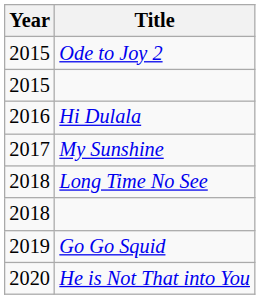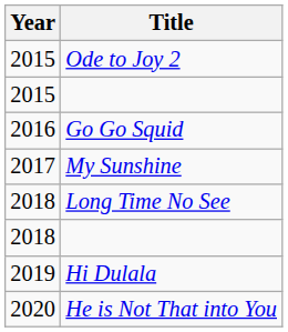 <table class="wikitable sortable">
 <tr>
 <th scope="col">Year</th>
 <th scope="col">Title</th>
 </tr>
 <tr>
 <td>2015</td>
 <td><em><a href='#'>Ode to Joy 2</a></em></td>
 </tr>
 <tr>
 <td>2015</td>
 <td><em></em></td>
 </tr>
 <tr>
 <td>2016</td>
-<td><em><a href='#'>Hi Dulala</a></em></td>
+<td><em><a href='#'>Go Go Squid</a></em></td>
 </tr>
 <tr>
 <td>2017</td>
 <td><em><a href='#'>My Sunshine</a></em></td>
 </tr>
 <tr>
 <td>2018</td>
 <td><em><a href='#'>Long Time No See</a></em></td>
 </tr>
 <tr>
 <td>2018</td>
 <td><em></em></td>
 </tr>
 <tr>
 <td>2019</td>
-<td><em><a href='#'>Go Go Squid</a></em></td>
+<td><em><a href='#'>Hi Dulala</a></em></td>
 </tr>
 <tr>
 <td>2020</td>
 <td><em><a href='#'>He is Not That into You</a></em></td>
 </tr>
 </table>
